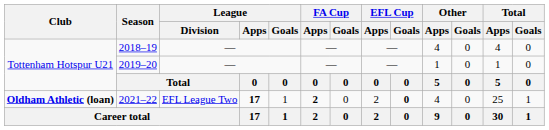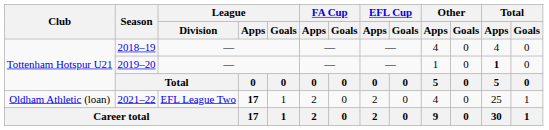 <table class=wikitable style=text-align:center>
 <tr>
 <th rowspan=2>Club</th>
 <th rowspan=2>Season</th>
 <th colspan=3>League</th>
 <th colspan=2><a href='#'>FA Cup</a></th>
 <th colspan=2><a href='#'>EFL Cup</a></th>
 <th colspan=2>Other</th>
 <th colspan=2>Total</th>
 </tr>
 <tr>
 <th>Division</th>
 <th>Apps</th>
 <th>Goals</th>
 <th>Apps</th>
 <th>Goals</th>
 <th>Apps</th>
 <th>Goals</th>
 <th>Apps</th>
 <th>Goals</th>
 <th>Apps</th>
 <th>Goals</th>
 </tr>
 <tr>
 <td rowspan="3"><a href='#'>Tottenham Hotspur U21</a></td>
 <td><a href='#'>2018–19</a></td>
 <td colspan=3>—</td>
 <td colspan=2>—</td>
 <td colspan=2>—</td>
 <td>4</td>
 <td>0</td>
 <td>4</td>
 <td>0</td>
 </tr>
 <tr>
 <td><a href='#'>2019–20</a></td>
 <td colspan=3>—</td>
 <td colspan=2>—</td>
 <td colspan=2>—</td>
 <td>1</td>
 <td>0</td>
-<td>1</td>
+<td><strong>1</strong></td>
 <td>0</td>
 </tr>
 <tr>
 <th colspan="2">Total</th>
 <th>0</th>
 <th>0</th>
 <th>0</th>
 <th>0</th>
 <th>0</th>
 <th>0</th>
 <th>5</th>
 <th>0</th>
 <th>5</th>
 <th>0</th>
 </tr>
 <tr>
-<td><strong><a href='#'>Oldham Athletic</a> (loan)</strong></td>
+<td><a href='#'>Oldham Athletic</a> (loan)</td>
 <td><a href='#'>2021–22</a></td>
 <td><a href='#'>EFL League Two</a></td>
 <td><strong>17</strong></td>
 <td>1</td>
-<td><strong>2</strong></td>
+<td>2</td>
 <td>0</td>
 <td>2</td>
-<td><strong>0</strong></td>
+<td>0</td>
 <td>4</td>
 <td>0</td>
 <td>25</td>
 <td>1</td>
 </tr>
 <tr>
 <th colspan=3>Career total</th>
 <th>17</th>
 <th>1</th>
 <th>2</th>
 <th>0</th>
 <th>2</th>
 <th>0</th>
 <th>9</th>
 <th>0</th>
 <th>30</th>
 <th>1</th>
 </tr>
 </table>
